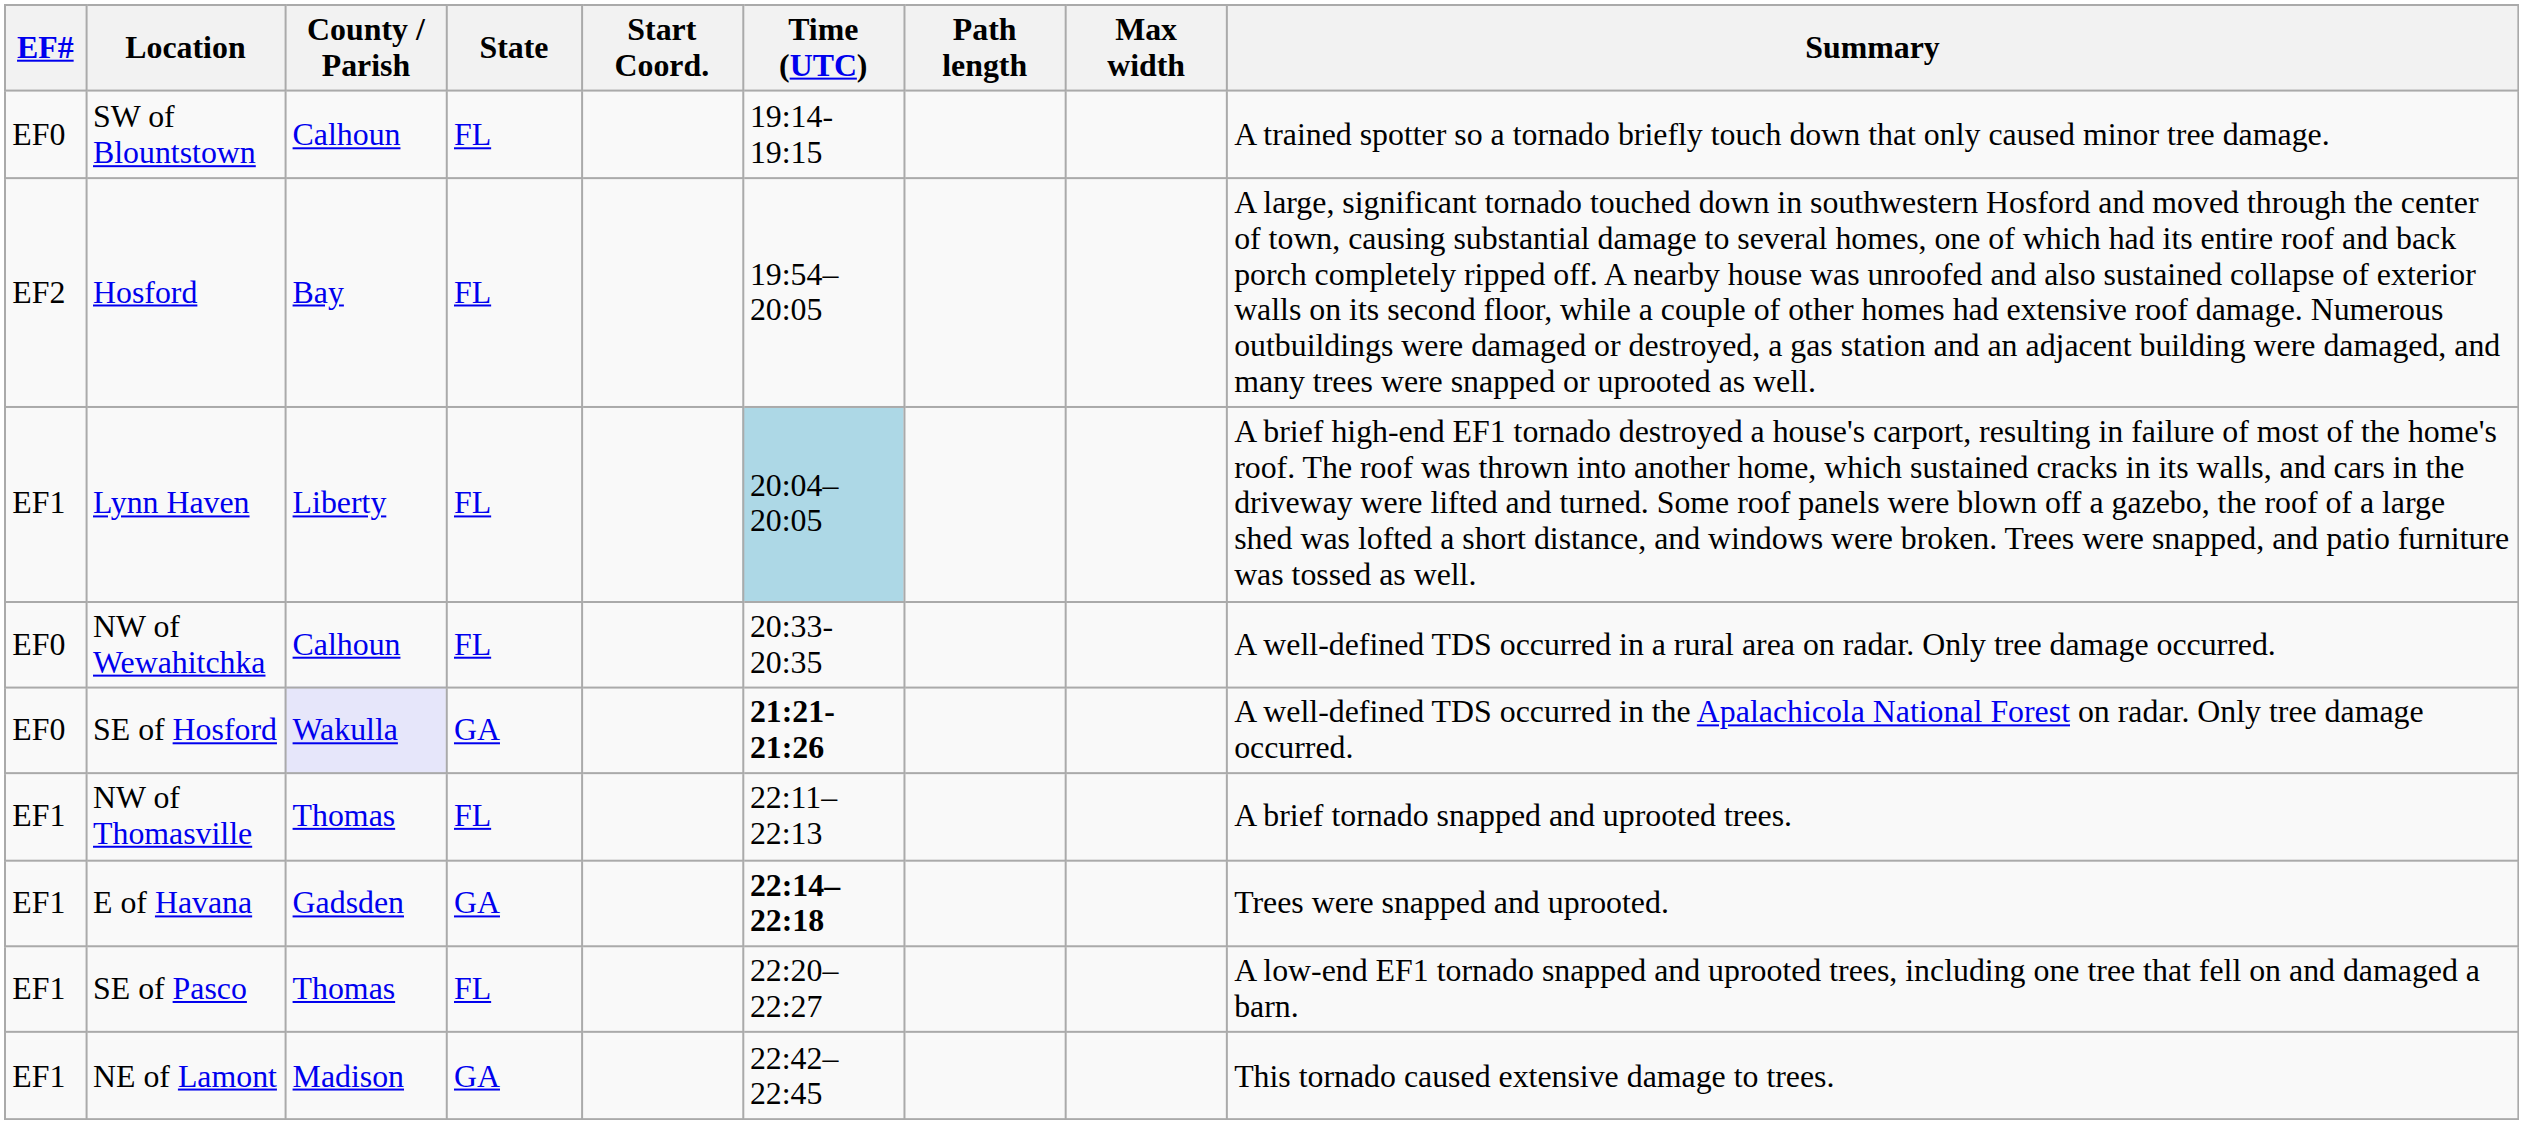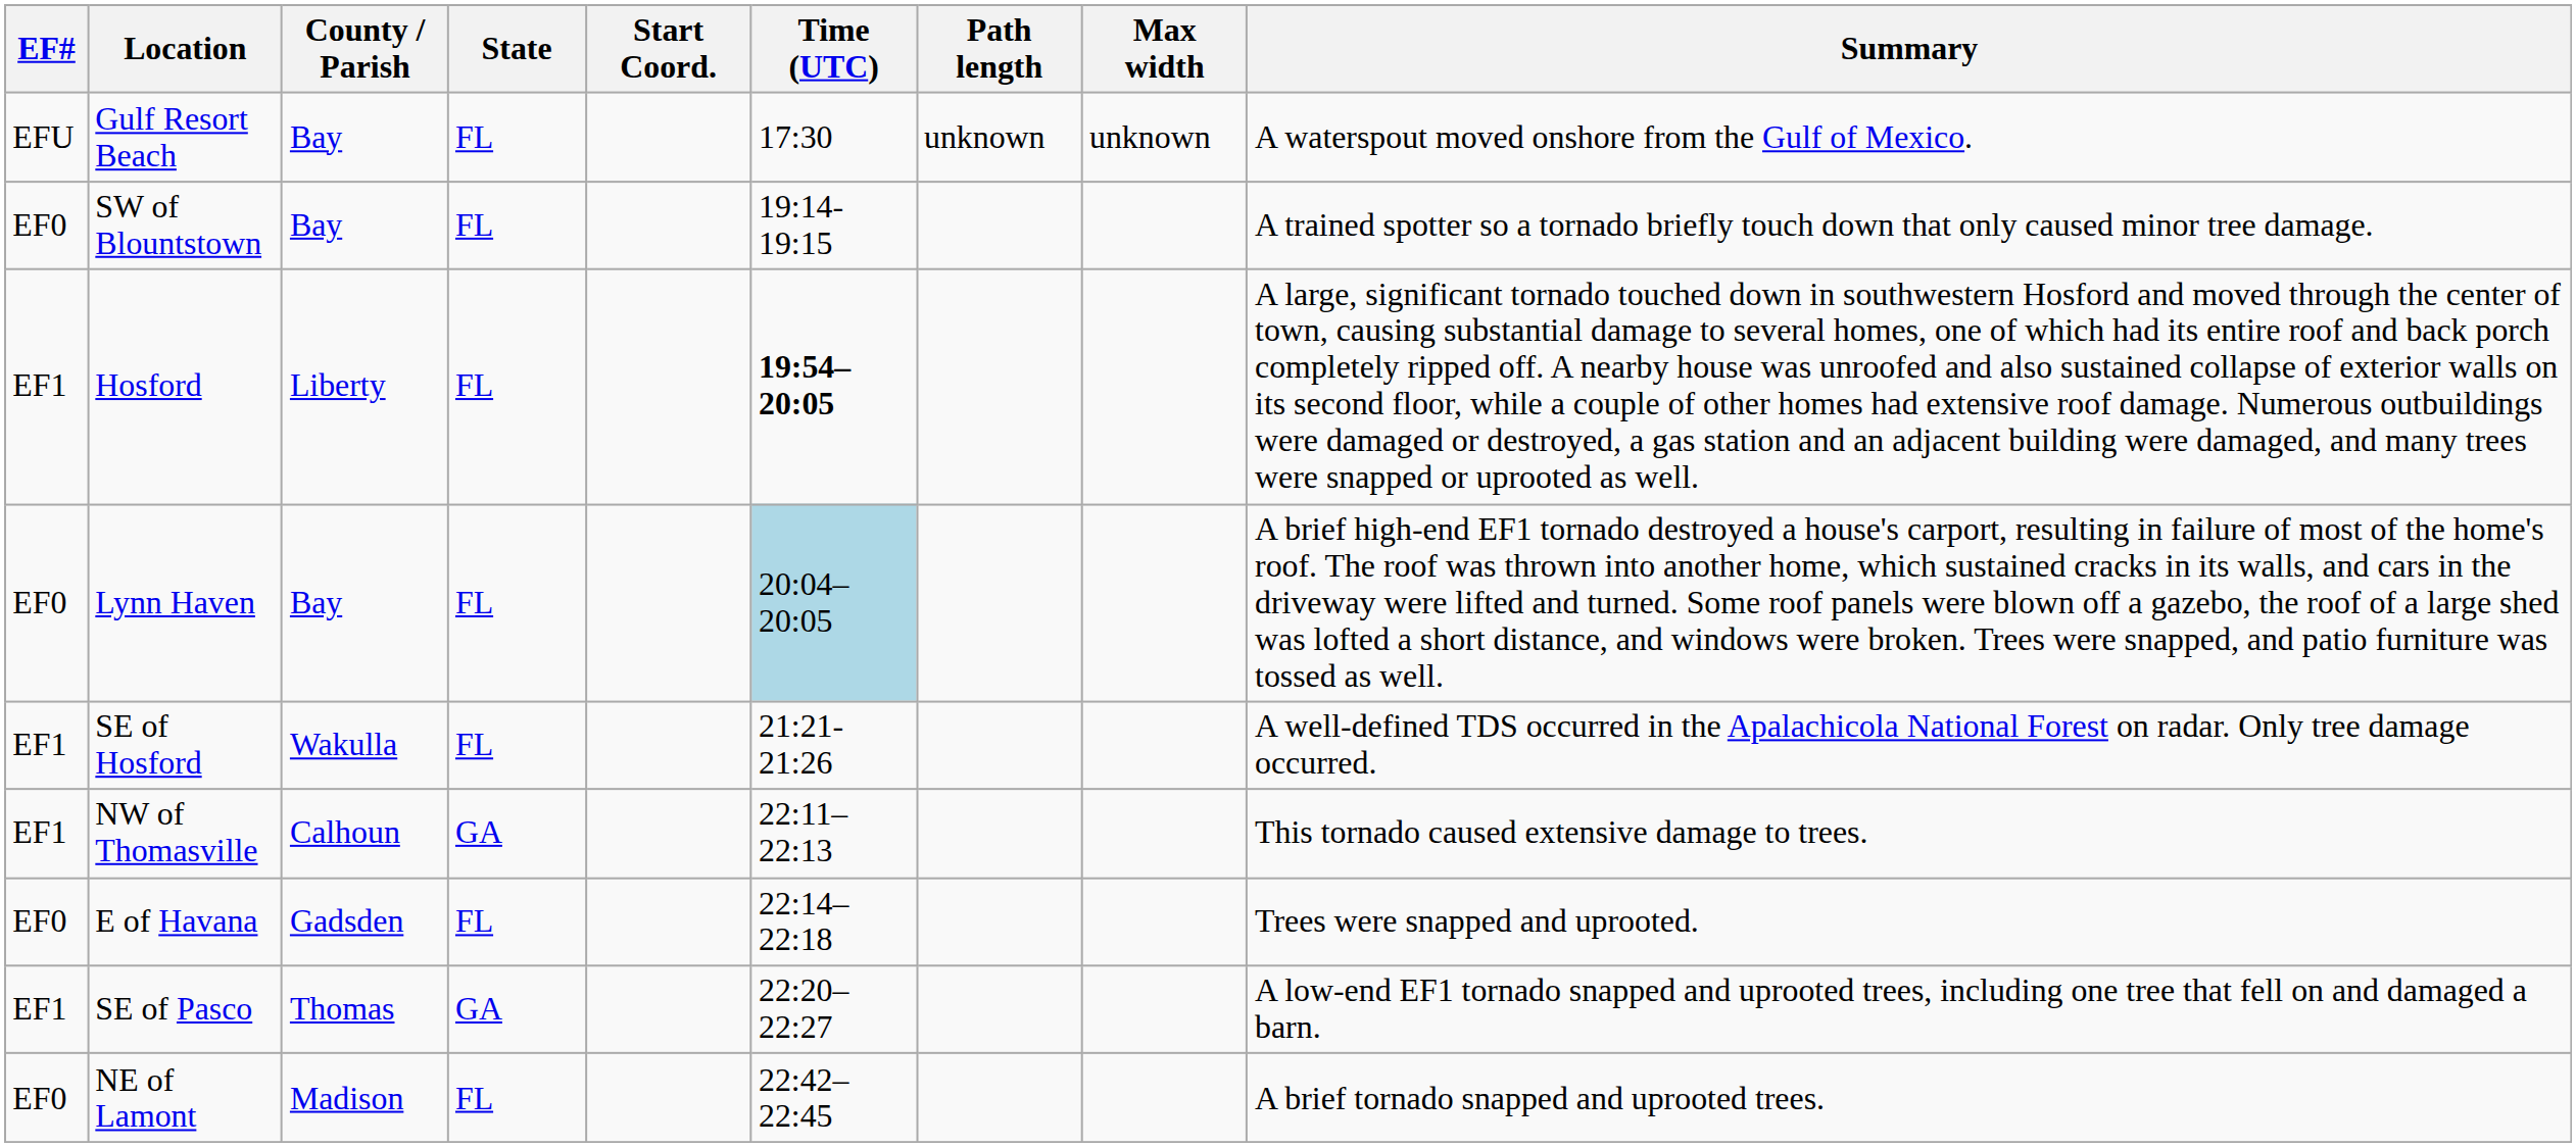 <table class="wikitable sortable" style="width:100%;">
 <tr>
 <th scope="col" style="width:3%; text-align:center;"><a href='#'>EF#</a></th>
 <th scope="col" style="width:7%; text-align:center;" class="unsortable">Location</th>
 <th scope="col" style="width:6%; text-align:center;" class="unsortable">County / Parish</th>
 <th scope="col" style="width:5%; text-align:center;">State</th>
 <th scope="col" style="width:6%; text-align:center;">Start Coord.</th>
 <th scope="col" style="width:6%; text-align:center;">Time (<a href='#'>UTC</a>)</th>
 <th scope="col" style="width:6%; text-align:center;">Path length</th>
 <th scope="col" style="width:6%; text-align:center;">Max width</th>
 <th scope="col" class="unsortable" style="width:48%; text-align:center;">Summary</th>
 </tr>
 <tr>
+<td>EFU</td>
+<td><a href='#'>Gulf Resort Beach</a></td>
+<td><a href='#'>Bay</a></td>
+<td><a href='#'>FL</a></td>
+<td></td>
+<td>17:30</td>
+<td>unknown</td>
+<td>unknown</td>
+<td>A waterspout moved onshore from the <a href='#'>Gulf of Mexico</a>.</td>
+</tr>
+<tr>
 <td>EF0</td>
 <td>SW of <a href='#'>Blountstown</a></td>
-<td><a href='#'>Calhoun</a></td>
+<td><a href='#'>Bay</a></td>
 <td><a href='#'>FL</a></td>
 <td></td>
 <td>19:14-19:15</td>
 <td></td>
 <td></td>
 <td>A trained spotter so a tornado briefly touch down that only caused minor tree damage.</td>
 </tr>
 <tr>
-<td>EF2</td>
+<td>EF1</td>
 <td><a href='#'>Hosford</a></td>
-<td><a href='#'>Bay</a></td>
+<td><a href='#'>Liberty</a></td>
 <td><a href='#'>FL</a></td>
 <td></td>
-<td>19:54–20:05</td>
+<td><strong>19:54–20:05</strong></td>
 <td></td>
 <td></td>
 <td>A large, significant tornado touched down in southwestern Hosford and moved through the center of town, causing substantial damage to several homes, one of which had its entire roof and back porch completely ripped off. A nearby house was unroofed and also sustained collapse of exterior walls on its second floor, while a couple of other homes had extensive roof damage. Numerous outbuildings were damaged or destroyed, a gas station and an adjacent building were damaged, and many trees were snapped or uprooted as well.</td>
 </tr>
 <tr>
-<td>EF1</td>
+<td>EF0</td>
 <td><a href='#'>Lynn Haven</a></td>
-<td><a href='#'>Liberty</a></td>
+<td><a href='#'>Bay</a></td>
 <td><a href='#'>FL</a></td>
 <td></td>
 <td style="background: lightblue;">20:04–20:05</td>
 <td></td>
 <td></td>
 <td>A brief high-end EF1 tornado destroyed a house's carport, resulting in failure of most of the home's roof. The roof was thrown  into another home, which sustained cracks in its walls, and cars in the driveway were lifted and turned. Some roof panels were blown off a gazebo, the roof of a large shed was lofted a short distance, and windows were broken. Trees were snapped, and patio furniture was tossed as well.</td>
 </tr>
 <tr>
-<td>EF0</td>
-<td>NW of <a href='#'>Wewahitchka</a></td>
-<td><a href='#'>Calhoun</a></td>
+<td>EF1</td>
+<td>SE of <a href='#'>Hosford</a></td>
+<td><a href='#'>Wakulla</a></td>
 <td><a href='#'>FL</a></td>
 <td></td>
-<td>20:33-20:35</td>
-<td></td>
-<td></td>
-<td>A well-defined TDS occurred in a rural area on radar. Only tree damage occurred.</td>
-</tr>
-<tr>
-<td>EF0</td>
-<td>SE of <a href='#'>Hosford</a></td>
-<td style="background: lavender;"><a href='#'>Wakulla</a></td>
-<td><a href='#'>GA</a></td>
-<td></td>
-<td><strong>21:21-21:26</strong></td>
+<td>21:21-21:26</td>
 <td></td>
 <td></td>
 <td>A well-defined TDS occurred in the <a href='#'>Apalachicola National Forest</a> on radar. Only tree damage occurred.</td>
 </tr>
 <tr>
 <td>EF1</td>
 <td>NW of <a href='#'>Thomasville</a></td>
-<td><a href='#'>Thomas</a></td>
-<td><a href='#'>FL</a></td>
+<td><a href='#'>Calhoun</a></td>
+<td><a href='#'>GA</a></td>
 <td></td>
 <td>22:11–22:13</td>
 <td></td>
 <td></td>
-<td>A brief tornado snapped and uprooted trees.</td>
+<td>This tornado caused extensive damage to trees.</td>
 </tr>
 <tr>
-<td>EF1</td>
+<td>EF0</td>
 <td>E of <a href='#'>Havana</a></td>
 <td><a href='#'>Gadsden</a></td>
-<td><a href='#'>GA</a></td>
+<td><a href='#'>FL</a></td>
 <td></td>
-<td><strong>22:14–22:18</strong></td>
+<td>22:14–22:18</td>
 <td></td>
 <td></td>
 <td>Trees were snapped and uprooted.</td>
 </tr>
 <tr>
 <td>EF1</td>
 <td>SE of <a href='#'>Pasco</a></td>
 <td><a href='#'>Thomas</a></td>
-<td><a href='#'>FL</a></td>
+<td><a href='#'>GA</a></td>
 <td></td>
 <td>22:20–22:27</td>
 <td></td>
 <td></td>
 <td>A low-end EF1 tornado snapped and uprooted trees, including one tree that fell on and damaged a barn.</td>
 </tr>
 <tr>
-<td>EF1</td>
+<td>EF0</td>
 <td>NE of <a href='#'>Lamont</a></td>
 <td><a href='#'>Madison</a></td>
-<td><a href='#'>GA</a></td>
+<td><a href='#'>FL</a></td>
 <td></td>
 <td>22:42–22:45</td>
 <td></td>
 <td></td>
-<td>This tornado caused extensive damage to trees.</td>
+<td>A brief tornado snapped and uprooted trees.</td>
 </tr>
 <tr>
 </tr>
 </table>
